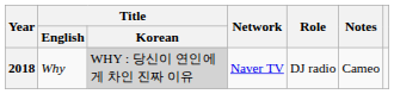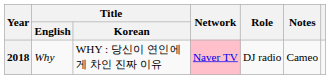 <table class="wikitable plainrowheaders">
 <tr>
 <th scope="col" rowspan="2">Year</th>
 <th scope="col" colspan="2">Title</th>
 <th scope="col" rowspan="2">Network</th>
 <th scope="col" rowspan="2">Role</th>
 <th scope="col" rowspan="2">Notes</th>
 <th scope="col" rowspan="2"></th>
 </tr>
 <tr>
 <th scope="col">English</th>
 <th scope="col" style="width:10em;">Korean</th>
 </tr>
 <tr>
 <th scope="row">2018</th>
 <td><em>Why</em></td>
-<td style="background: lightgrey;">WHY : 당신이 연인에게 차인 진짜 이유</td>
-<td><a href='#'>Naver TV</a></td>
+<td>WHY : 당신이 연인에게 차인 진짜 이유</td>
+<td style="background: pink;"><a href='#'>Naver TV</a></td>
 <td>DJ radio</td>
 <td>Cameo</td>
 <td style="text-align:center;"></td>
 </tr>
 </table>
